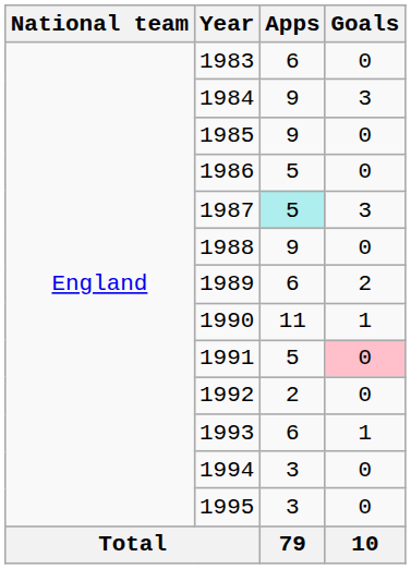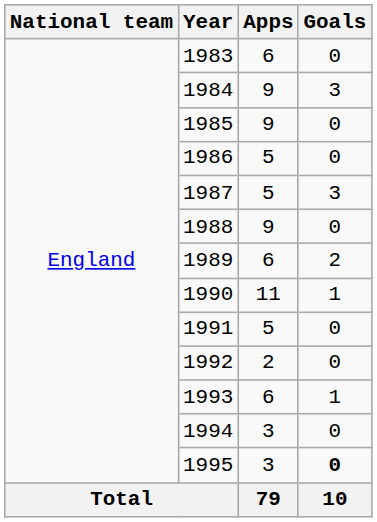 <table class="wikitable" style="text-align: center;">
 <tr>
 <th>National team</th>
 <th>Year</th>
 <th>Apps</th>
 <th>Goals</th>
 </tr>
 <tr>
 <td rowspan="13"><a href='#'>England</a></td>
 <td>1983</td>
 <td>6</td>
 <td>0</td>
 </tr>
 <tr>
 <td>1984</td>
 <td>9</td>
 <td>3</td>
 </tr>
 <tr>
 <td>1985</td>
 <td>9</td>
 <td>0</td>
 </tr>
 <tr>
 <td>1986</td>
 <td>5</td>
 <td>0</td>
 </tr>
 <tr>
 <td>1987</td>
-<td style="background: paleturquoise;">5</td>
+<td>5</td>
 <td>3</td>
 </tr>
 <tr>
 <td>1988</td>
 <td>9</td>
 <td>0</td>
 </tr>
 <tr>
 <td>1989</td>
 <td>6</td>
 <td>2</td>
 </tr>
 <tr>
 <td>1990</td>
 <td>11</td>
 <td>1</td>
 </tr>
 <tr>
 <td>1991</td>
 <td>5</td>
-<td style="background: pink;">0</td>
+<td>0</td>
 </tr>
 <tr>
 <td>1992</td>
 <td>2</td>
 <td>0</td>
 </tr>
 <tr>
 <td>1993</td>
 <td>6</td>
 <td>1</td>
 </tr>
 <tr>
 <td>1994</td>
 <td>3</td>
 <td>0</td>
 </tr>
 <tr>
 <td>1995</td>
 <td>3</td>
-<td>0</td>
+<td><strong>0</strong></td>
 </tr>
 <tr>
 <th colspan="2">Total</th>
 <th>79</th>
 <th>10</th>
 </tr>
 </table>
